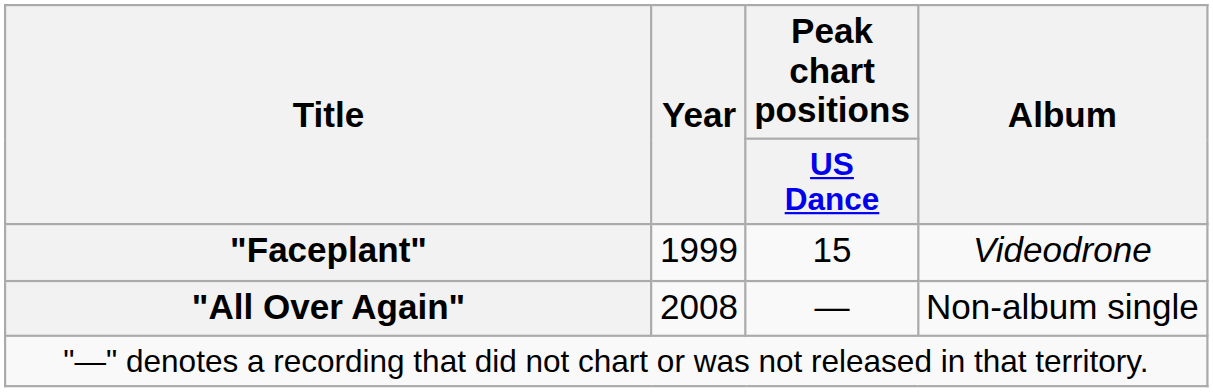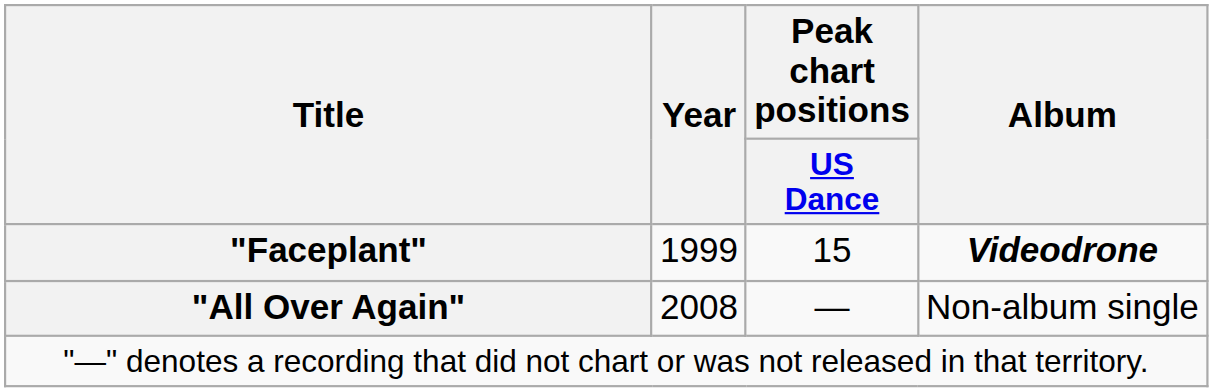 <table class="wikitable plainrowheaders" style="text-align:center;">
 <tr>
 <th scope="col" rowspan="2" style="width:18em;">Title</th>
 <th scope="col" rowspan="2">Year</th>
 <th scope="col" colspan="1">Peak chart positions</th>
 <th scope="col" rowspan="2">Album</th>
 </tr>
 <tr>
 <th scope="col" style="width:3em;font-size:90%;"><a href='#'>US<br>Dance</a><br></th>
 </tr>
 <tr>
 <th scope="row">"Faceplant"</th>
 <td>1999</td>
 <td>15</td>
-<td><em>Videodrone</em></td>
+<td><strong><em>Videodrone</em></strong></td>
 </tr>
 <tr>
 <th scope="row">"All Over Again"</th>
 <td>2008</td>
 <td>—</td>
 <td>Non-album single</td>
 </tr>
 <tr>
 <td colspan="5" style="font-size:90%">"—" denotes a recording that did not chart or was not released in that territory.</td>
 </tr>
 </table>
